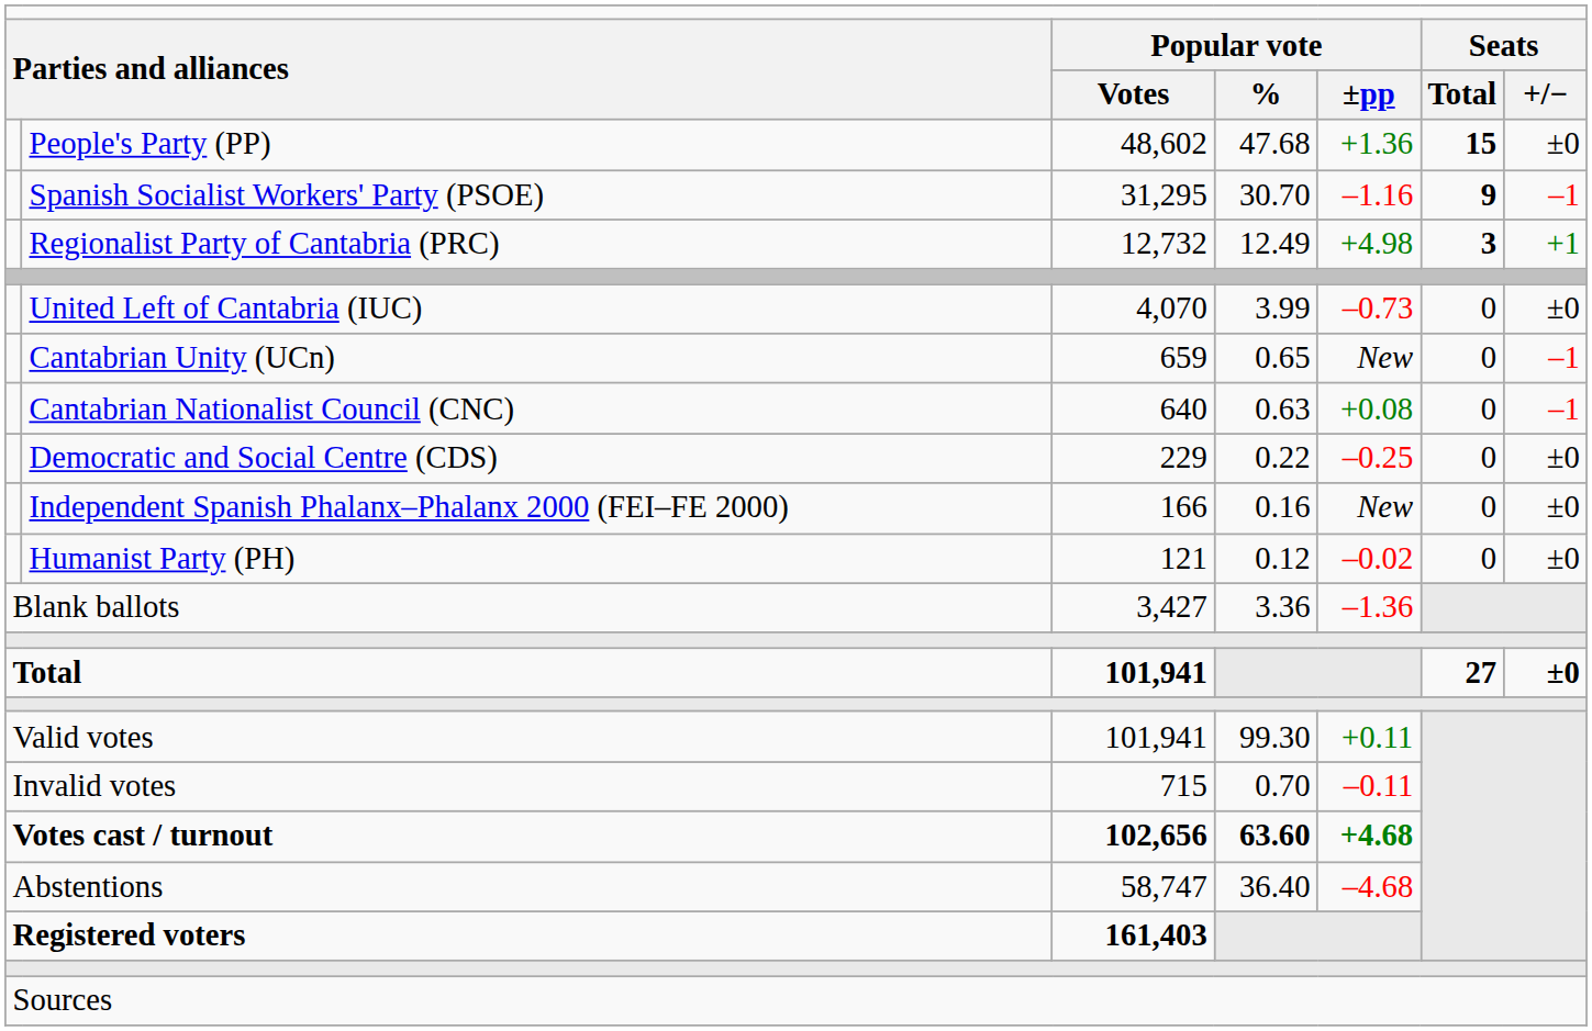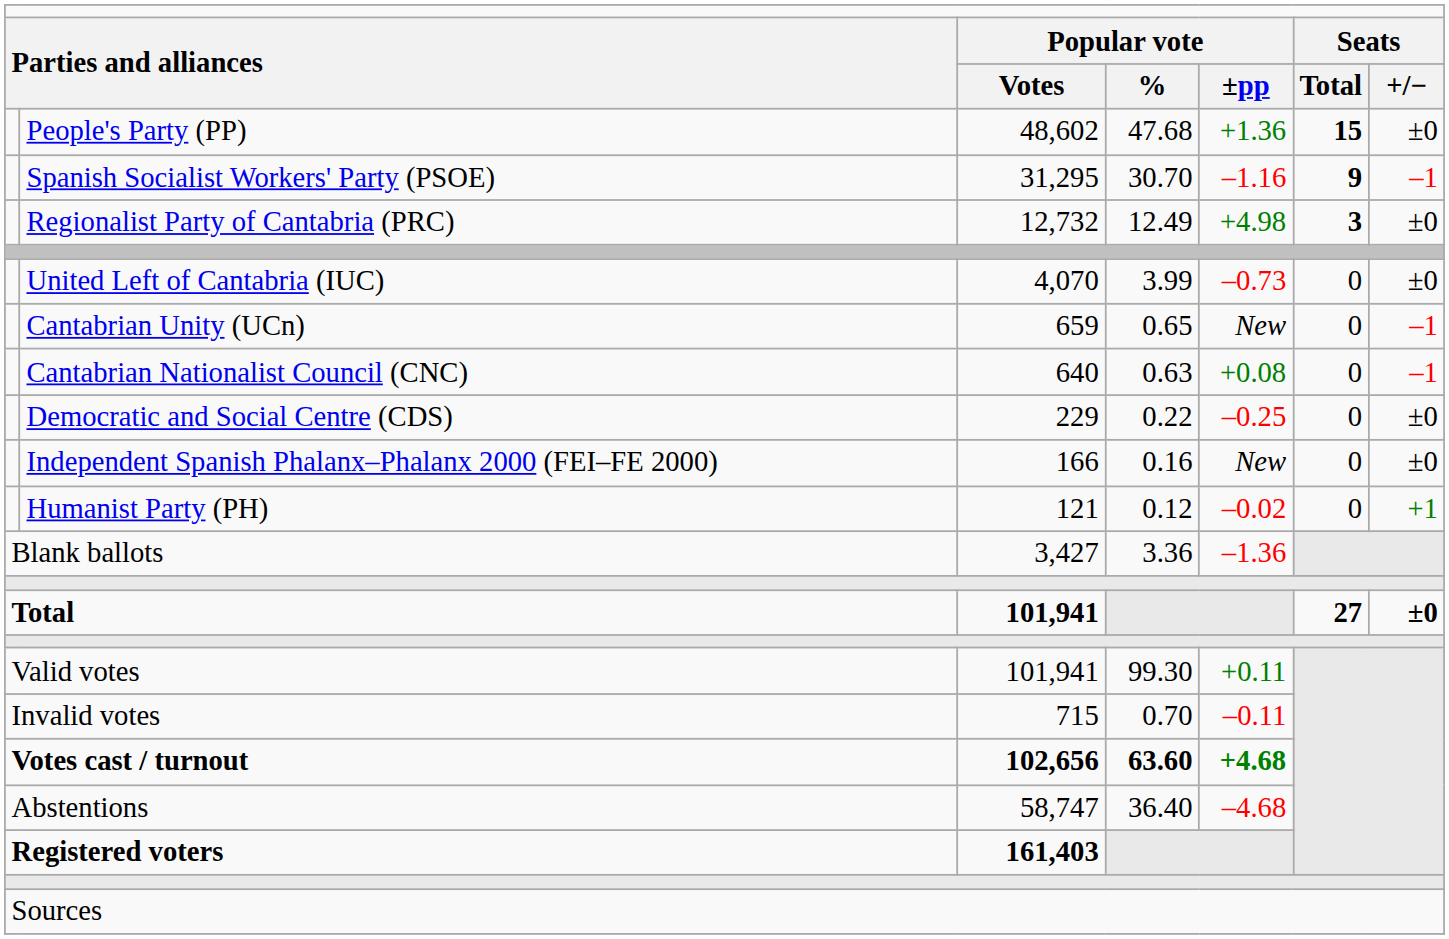 <table class="wikitable" style="text-align:right;">
 <tr>
 <td colspan="7"></td>
 </tr>
 <tr>
 <th style="text-align:left;" rowspan="2" colspan="2" width="525">Parties and alliances</th>
 <th colspan="3">Popular vote</th>
 <th colspan="2">Seats</th>
 </tr>
 <tr>
 <th width="75">Votes</th>
 <th width="45">%</th>
 <th width="45">±<a href='#'>pp</a></th>
 <th width="35">Total</th>
 <th width="35">+/−</th>
 </tr>
 <tr>
 <td width="1" style="color:inherit;background:"></td>
 <td align="left"><a href='#'>People's Party</a> (PP)</td>
 <td>48,602</td>
 <td>47.68</td>
 <td style="color:green;">+1.36</td>
 <td><strong>15</strong></td>
 <td>±0</td>
 </tr>
 <tr>
 <td style="color:inherit;background:"></td>
 <td align="left"><a href='#'>Spanish Socialist Workers' Party</a> (PSOE)</td>
 <td>31,295</td>
 <td>30.70</td>
 <td style="color:red;">–1.16</td>
 <td><strong>9</strong></td>
 <td style="color:red;">–1</td>
 </tr>
 <tr>
 <td style="color:inherit;background:"></td>
 <td align="left"><a href='#'>Regionalist Party of Cantabria</a> (PRC)</td>
 <td>12,732</td>
 <td>12.49</td>
 <td style="color:green;">+4.98</td>
 <td><strong>3</strong></td>
-<td style="color:green;">+1</td>
+<td>±0</td>
 </tr>
 <tr>
 <td colspan="7" bgcolor="#C0C0C0"></td>
 </tr>
 <tr>
 <td style="color:inherit;background:"></td>
 <td align="left"><a href='#'>United Left of Cantabria</a> (IUC)</td>
 <td>4,070</td>
 <td>3.99</td>
 <td style="color:red;">–0.73</td>
 <td>0</td>
 <td>±0</td>
 </tr>
 <tr>
 <td style="color:inherit;background:"></td>
 <td align="left"><a href='#'>Cantabrian Unity</a> (UCn)</td>
 <td>659</td>
 <td>0.65</td>
 <td><em>New</em></td>
 <td>0</td>
 <td style="color:red;">–1</td>
 </tr>
 <tr>
 <td style="color:inherit;background:"></td>
 <td align="left"><a href='#'>Cantabrian Nationalist Council</a> (CNC)</td>
 <td>640</td>
 <td>0.63</td>
 <td style="color:green;">+0.08</td>
 <td>0</td>
 <td style="color:red;">–1</td>
 </tr>
 <tr>
 <td style="color:inherit;background:"></td>
 <td align="left"><a href='#'>Democratic and Social Centre</a> (CDS)</td>
 <td>229</td>
 <td>0.22</td>
 <td style="color:red;">–0.25</td>
 <td>0</td>
 <td>±0</td>
 </tr>
 <tr>
 <td style="color:inherit;background:"></td>
 <td align="left"><a href='#'>Independent Spanish Phalanx–Phalanx 2000</a> (FEI–FE 2000)</td>
 <td>166</td>
 <td>0.16</td>
 <td><em>New</em></td>
 <td>0</td>
 <td>±0</td>
 </tr>
 <tr>
 <td style="color:inherit;background:"></td>
 <td align="left"><a href='#'>Humanist Party</a> (PH)</td>
 <td>121</td>
 <td>0.12</td>
 <td style="color:red;">–0.02</td>
 <td>0</td>
-<td>±0</td>
+<td style="color:green;">+1</td>
 </tr>
 <tr>
 <td align="left" colspan="2">Blank ballots</td>
 <td>3,427</td>
 <td>3.36</td>
 <td style="color:red;">–1.36</td>
 <td bgcolor="#E9E9E9" colspan="2"></td>
 </tr>
 <tr>
 <td colspan="7" bgcolor="#E9E9E9"></td>
 </tr>
 <tr style="font-weight:bold;">
 <td align="left" colspan="2">Total</td>
 <td>101,941</td>
 <td bgcolor="#E9E9E9" colspan="2"></td>
 <td>27</td>
 <td>±0</td>
 </tr>
 <tr>
 <td colspan="7" bgcolor="#E9E9E9"></td>
 </tr>
 <tr>
 <td align="left" colspan="2">Valid votes</td>
 <td>101,941</td>
 <td>99.30</td>
 <td style="color:green;">+0.11</td>
 <td bgcolor="#E9E9E9" colspan="2" rowspan="5"></td>
 </tr>
 <tr>
 <td align="left" colspan="2">Invalid votes</td>
 <td>715</td>
 <td>0.70</td>
 <td style="color:red;">–0.11</td>
 </tr>
 <tr style="font-weight:bold;">
 <td align="left" colspan="2">Votes cast / turnout</td>
 <td>102,656</td>
 <td>63.60</td>
 <td style="color:green;">+4.68</td>
 </tr>
 <tr>
 <td align="left" colspan="2">Abstentions</td>
 <td>58,747</td>
 <td>36.40</td>
 <td style="color:red;">–4.68</td>
 </tr>
 <tr style="font-weight:bold;">
 <td align="left" colspan="2">Registered voters</td>
 <td>161,403</td>
 <td bgcolor="#E9E9E9" colspan="2"></td>
 </tr>
 <tr>
 <td colspan="7" bgcolor="#E9E9E9"></td>
 </tr>
 <tr>
 <td align="left" colspan="7">Sources</td>
 </tr>
 </table>
